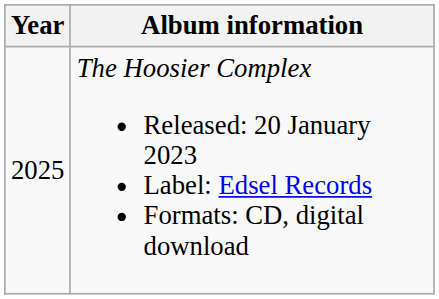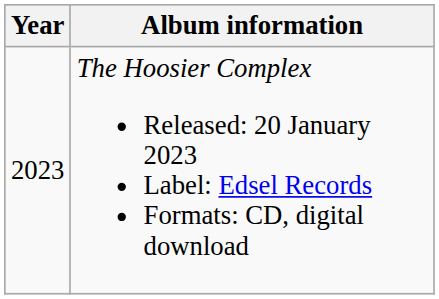 <table class="wikitable">
 <tr>
 <th>Year</th>
 <th style="width:210px;">Album information</th>
 </tr>
 <tr>
-<td>2025</td>
+<td>2023</td>
 <td><em>The Hoosier Complex</em><br><ul><li>Released: 20 January 2023</li><li>Label: <a href='#'>Edsel Records</a></li><li>Formats: CD, digital download</li></ul></td>
 </tr>
 </table>
